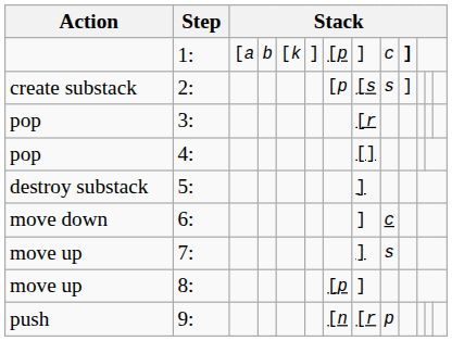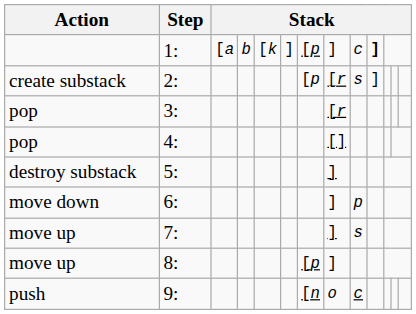 <table class=wikitable>
 <tr>
 <th>Action</th>
 <th>Step</th>
 <th colspan=11>Stack</th>
 </tr>
 <tr>
 <td></td>
 <td>1:      </td>
 <td style="font-family:monospace">[<em>a</em></td>
 <td style="font-family:monospace"><em>b</em></td>
 <td style="font-family:monospace">[<em>k</em></td>
 <td style="font-family:monospace">]</td>
 <td style="font-family:monospace"><u>[<em>p</em></u></td>
 <td style="font-family:monospace">]</td>
 <td style="font-family:monospace"><em>c</em></td>
 <td style="font-family:monospace"><strong>]</strong></td>
 <td colspan=3> </td>
 </tr>
 <tr>
 <td>create substack      </td>
 <td>2:</td>
 <td style="font-family:monospace"></td>
 <td style="font-family:monospace"></td>
 <td style="font-family:monospace"></td>
 <td style="font-family:monospace"></td>
 <td style="font-family:monospace">[<em>p</em></td>
-<td style="font-family:monospace"><u>[<em>s</em></u></td>
+<td style="font-family:monospace"><u>[<em>r</em></u></td>
 <td style="font-family:monospace"><em>s</em></td>
 <td style="font-family:monospace">]</td>
 <td style="font-family:monospace"></td>
 <td style="font-family:monospace"></td>
 <td style="font-family:monospace"></td>
 </tr>
 <tr>
 <td>pop</td>
 <td>3:</td>
 <td style="font-family:monospace"></td>
 <td style="font-family:monospace"></td>
 <td style="font-family:monospace"></td>
 <td style="font-family:monospace"></td>
 <td style="font-family:monospace"></td>
 <td style="font-family:monospace"><u>[<em>r</em></u></td>
 <td style="font-family:monospace"></td>
 <td style="font-family:monospace"></td>
 <td style="font-family:monospace"></td>
 <td style="font-family:monospace"></td>
 <td> </td>
 </tr>
 <tr>
 <td>pop</td>
 <td>4:</td>
 <td style="font-family:monospace"></td>
 <td style="font-family:monospace"></td>
 <td style="font-family:monospace"></td>
 <td style="font-family:monospace"></td>
 <td style="font-family:monospace"></td>
 <td style="font-family:monospace"><u>[]</u></td>
 <td style="font-family:monospace"></td>
 <td style="font-family:monospace"></td>
 <td style="font-family:monospace"></td>
 <td colspan=2> </td>
 </tr>
 <tr>
 <td>destroy substack</td>
 <td>5:</td>
 <td style="font-family:monospace"></td>
 <td style="font-family:monospace"></td>
 <td style="font-family:monospace"></td>
 <td style="font-family:monospace"></td>
 <td style="font-family:monospace"></td>
 <td style="font-family:monospace"><u>]</u></td>
 <td style="font-family:monospace"></td>
 <td style="font-family:monospace"></td>
 <td colspan=4> </td>
 </tr>
 <tr>
 <td>move down</td>
 <td>6:</td>
 <td style="font-family:monospace"></td>
 <td style="font-family:monospace"></td>
 <td style="font-family:monospace"></td>
 <td style="font-family:monospace"></td>
 <td style="font-family:monospace"></td>
 <td style="font-family:monospace">]</td>
-<td style="font-family:monospace"><u><em>c</em></u></td>
+<td style="font-family:monospace"><em>p</em></td>
 <td style="font-family:monospace"></td>
 <td colspan=4> </td>
 </tr>
 <tr>
 <td>move up</td>
 <td>7:</td>
 <td style="font-family:monospace"></td>
 <td style="font-family:monospace"></td>
 <td style="font-family:monospace"></td>
 <td style="font-family:monospace"></td>
 <td style="font-family:monospace"></td>
 <td style="font-family:monospace"><u>]</u></td>
 <td style="font-family:monospace"><em>s</em></td>
 <td style="font-family:monospace"></td>
 <td colspan=4> </td>
 </tr>
 <tr>
 <td>move up</td>
 <td>8:</td>
 <td style="font-family:monospace"></td>
 <td style="font-family:monospace"></td>
 <td style="font-family:monospace"></td>
 <td style="font-family:monospace"></td>
 <td style="font-family:monospace"><u>[<em>p</em></u></td>
 <td style="font-family:monospace">]</td>
 <td style="font-family:monospace"></td>
 <td style="font-family:monospace"></td>
 <td colspan=4> </td>
 </tr>
 <tr>
 <td>push</td>
 <td>9:</td>
 <td style="font-family:monospace"></td>
 <td style="font-family:monospace"></td>
 <td style="font-family:monospace"></td>
 <td style="font-family:monospace"></td>
 <td style="font-family:monospace"><u>[<em>n</em></u></td>
-<td style="font-family:monospace"><u>[<em>r</em></u></td>
-<td style="font-family:monospace"><em>p</em></td>
+<td style="font-family:monospace"><em>o</em></td>
+<td style="font-family:monospace"><u><em>c</em></u></td>
 <td style="font-family:monospace"></td>
 <td style="font-family:monospace"></td>
 <td style="font-family:monospace"></td>
 <td colspan=2> </td>
 </tr>
 </table>
